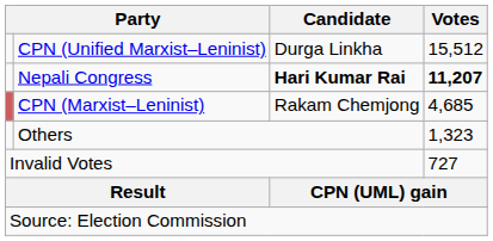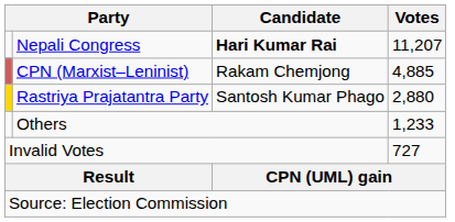 <table class="wikitable">
 <tr>
 <th colspan="2">Party</th>
 <th>Candidate</th>
 <th>Votes</th>
 </tr>
 <tr>
 <td style="background-color:"></td>
-<td><a href='#'>CPN (Unified Marxist–Leninist)</a></td>
-<td>Durga Linkha</td>
-<td>15,512</td>
-</tr>
-<tr>
-<td style="background-color:"></td>
 <td><a href='#'>Nepali Congress</a></td>
 <td><strong>Hari Kumar Rai</strong></td>
-<td><strong>11,207</strong></td>
+<td>11,207</td>
 </tr>
 <tr>
 <td style="background-color:indianred"></td>
 <td><a href='#'>CPN (Marxist–Leninist)</a></td>
 <td>Rakam Chemjong</td>
-<td>4,685</td>
+<td>4,885</td>
+</tr>
+<tr>
+<td style="background-color:gold"></td>
+<td><a href='#'>Rastriya Prajatantra Party</a></td>
+<td>Santosh Kumar Phago</td>
+<td>2,880</td>
 </tr>
 <tr>
 <td></td>
 <td colspan="2">Others</td>
-<td>1,323</td>
+<td>1,233</td>
 </tr>
 <tr>
 <td colspan="3">Invalid Votes</td>
 <td>727</td>
 </tr>
 <tr>
 <th colspan="2">Result</th>
 <th colspan="2">CPN (UML) gain</th>
 </tr>
 <tr>
 <td colspan="4">Source: Election Commission</td>
 </tr>
 </table>
